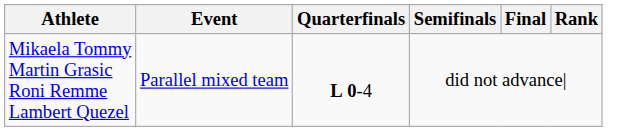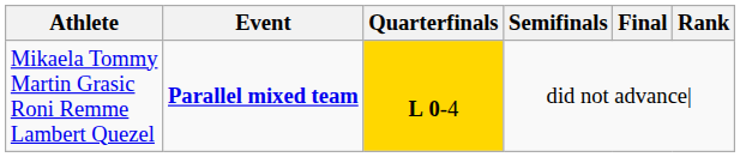 <table class="wikitable">
 <tr>
 <th>Athlete</th>
 <th>Event</th>
 <th>Quarterfinals</th>
 <th>Semifinals</th>
 <th>Final</th>
 <th>Rank</th>
 </tr>
 <tr>
 <td><a href='#'>Mikaela Tommy</a><br><a href='#'>Martin Grasic</a><br><a href='#'>Roni Remme</a><br><a href='#'>Lambert Quezel</a></td>
-<td><a href='#'>Parallel mixed team</a></td>
-<td align="center"><br><strong>L</strong> <strong>0</strong>-4</td>
+<td><strong><a href='#'>Parallel mixed team</a></strong></td>
+<td align="center" style="background: gold;"><br><strong>L</strong> <strong>0</strong>-4</td>
 <td align="center" colspan=3>did not advance|</td>
 </tr>
 </table>
